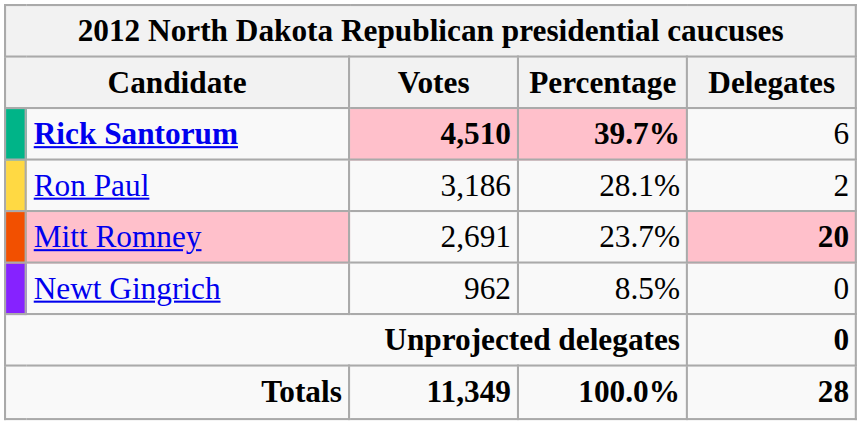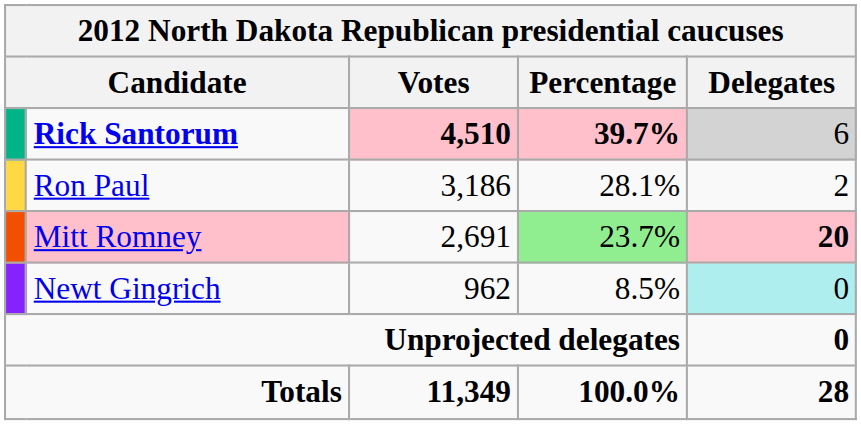 <table class="wikitable" style="font-size:95%;">
 <tr bgcolor="#e9e9e9">
 <th colspan="5">2012 North Dakota Republican presidential caucuses</th>
 </tr>
 <tr>
 <th colspan="2" rowspan="1" width="160px">Candidate</th>
 <th rowspan="1" width="75px">Votes</th>
 <th rowspan="1" width="75px">Percentage</th>
 <th rowspan="1" width="75px">Delegates </th>
 </tr>
 <tr align="right">
 <td style="background:#00b488;"></td>
 <td align="left"><strong><a href='#'>Rick Santorum</a></strong></td>
 <td bgcolor="pink"><strong>4,510</strong></td>
 <td bgcolor="pink"><strong>39.7%</strong></td>
-<td>6</td>
+<td style="background: lightgrey;">6</td>
 </tr>
 <tr align="right">
 <td style="background:#ffd943;"></td>
 <td align="left"><a href='#'>Ron Paul</a></td>
 <td>3,186</td>
 <td>28.1%</td>
 <td>2</td>
 </tr>
 <tr align="right">
 <td style="background:#f25000;"></td>
 <td align="left" bgcolor="pink"><a href='#'>Mitt Romney</a></td>
 <td>2,691</td>
-<td>23.7%</td>
+<td style="background: lightgreen;">23.7%</td>
 <td bgcolor="pink"><strong>20</strong></td>
 </tr>
 <tr align="right">
 <td style="background:#8622ff;"></td>
 <td align="left"><a href='#'>Newt Gingrich</a></td>
 <td>962</td>
 <td>8.5%</td>
-<td>0</td>
+<td style="background: paleturquoise;">0</td>
 </tr>
 <tr align="right">
 <td colspan="4"><strong>Unprojected delegates</strong></td>
 <td><strong>0</strong></td>
 </tr>
 <tr align="right">
 <td colspan="2"><strong>Totals</strong></td>
 <td><strong>11,349</strong></td>
 <td><strong>100.0%</strong></td>
 <td><strong>28</strong></td>
 </tr>
 </table>
